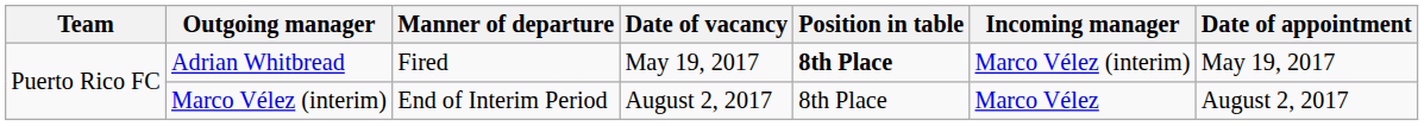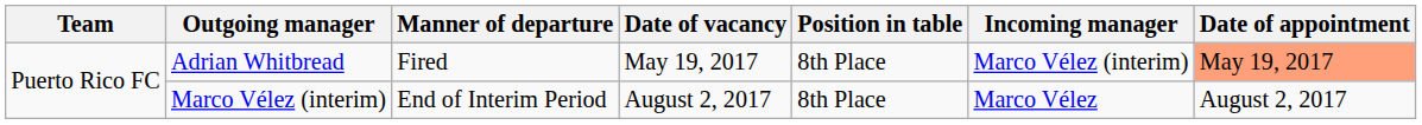 <table class="wikitable sortable">
 <tr>
 <th>Team</th>
 <th>Outgoing manager</th>
 <th>Manner of departure</th>
 <th>Date of vacancy</th>
 <th>Position in table</th>
 <th>Incoming manager</th>
 <th>Date of appointment</th>
 </tr>
 <tr>
 <td rowspan=2>Puerto Rico FC</td>
 <td> <a href='#'>Adrian Whitbread</a></td>
 <td>Fired</td>
 <td>May 19, 2017</td>
-<td><strong>8th Place</strong></td>
+<td>8th Place</td>
 <td> <a href='#'>Marco Vélez</a> (interim)</td>
-<td>May 19, 2017</td>
+<td style="background: lightsalmon;">May 19, 2017</td>
 </tr>
 <tr>
 <td> <a href='#'>Marco Vélez</a> (interim)</td>
 <td>End of Interim Period</td>
 <td>August 2, 2017</td>
 <td>8th Place</td>
 <td> <a href='#'>Marco Vélez</a></td>
 <td>August 2, 2017</td>
 </tr>
 </table>
